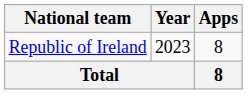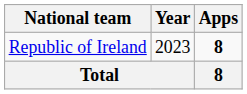 <table class="sortable wikitable" style="text-align:center">
 <tr>
 <th scope="col">National team</th>
 <th scope="col">Year</th>
 <th scope="col">Apps</th>
 </tr>
 <tr>
 <td><a href='#'>Republic of Ireland</a></td>
 <td>2023</td>
-<td>8</td>
+<td><strong>8</strong></td>
 </tr>
 <tr>
 <th colspan="2" scope="row">Total</th>
 <th>8</th>
 </tr>
 </table>
